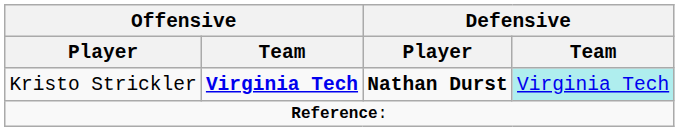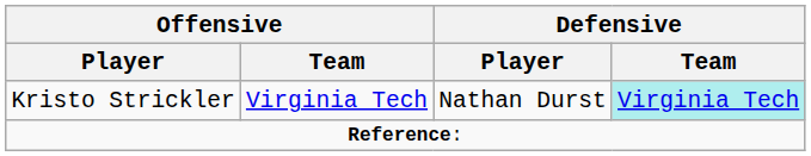 <table class="wikitable" style="text-align: center;">
 <tr>
 <th colspan="2">Offensive</th>
 <th colspan="2">Defensive</th>
 </tr>
 <tr>
 <th>Player</th>
 <th>Team</th>
 <th>Player</th>
 <th>Team</th>
 </tr>
 <tr>
 <td>Kristo Strickler</td>
-<td><strong><a href='#'>Virginia Tech</a></strong></td>
-<td><strong>Nathan Durst</strong></td>
+<td><a href='#'>Virginia Tech</a></td>
+<td>Nathan Durst</td>
 <td style="background: paleturquoise;"><a href='#'>Virginia Tech</a></td>
 </tr>
 <tr>
 <td colspan="4"  style="font-size:8pt; text-align:center;"><strong>Reference</strong>:</td>
 </tr>
 </table>
